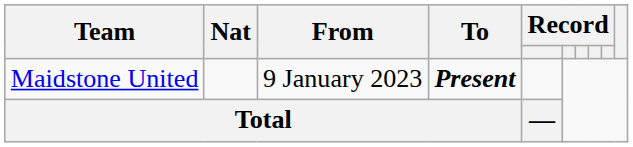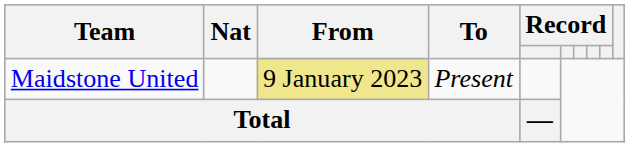 <table class="wikitable" style="text-align: center">
 <tr>
 <th rowspan="2">Team</th>
 <th rowspan="2">Nat</th>
 <th rowspan="2">From</th>
 <th rowspan="2">To</th>
 <th colspan="5">Record</th>
 <th rowspan=2></th>
 </tr>
 <tr>
 <th></th>
 <th></th>
 <th></th>
 <th></th>
 <th></th>
 </tr>
 <tr>
 <td align=left><a href='#'>Maidstone United</a></td>
 <td></td>
-<td align=left>9 January 2023</td>
-<td align=left><strong><em>Present</em><br></strong></td>
+<td align=left style="background: khaki;">9 January 2023</td>
+<td align=left><em>Present</em><br></td>
 <td></td>
 </tr>
 <tr>
 <th colspan="4">Total<br></th>
 <th>—</th>
 </tr>
 </table>
